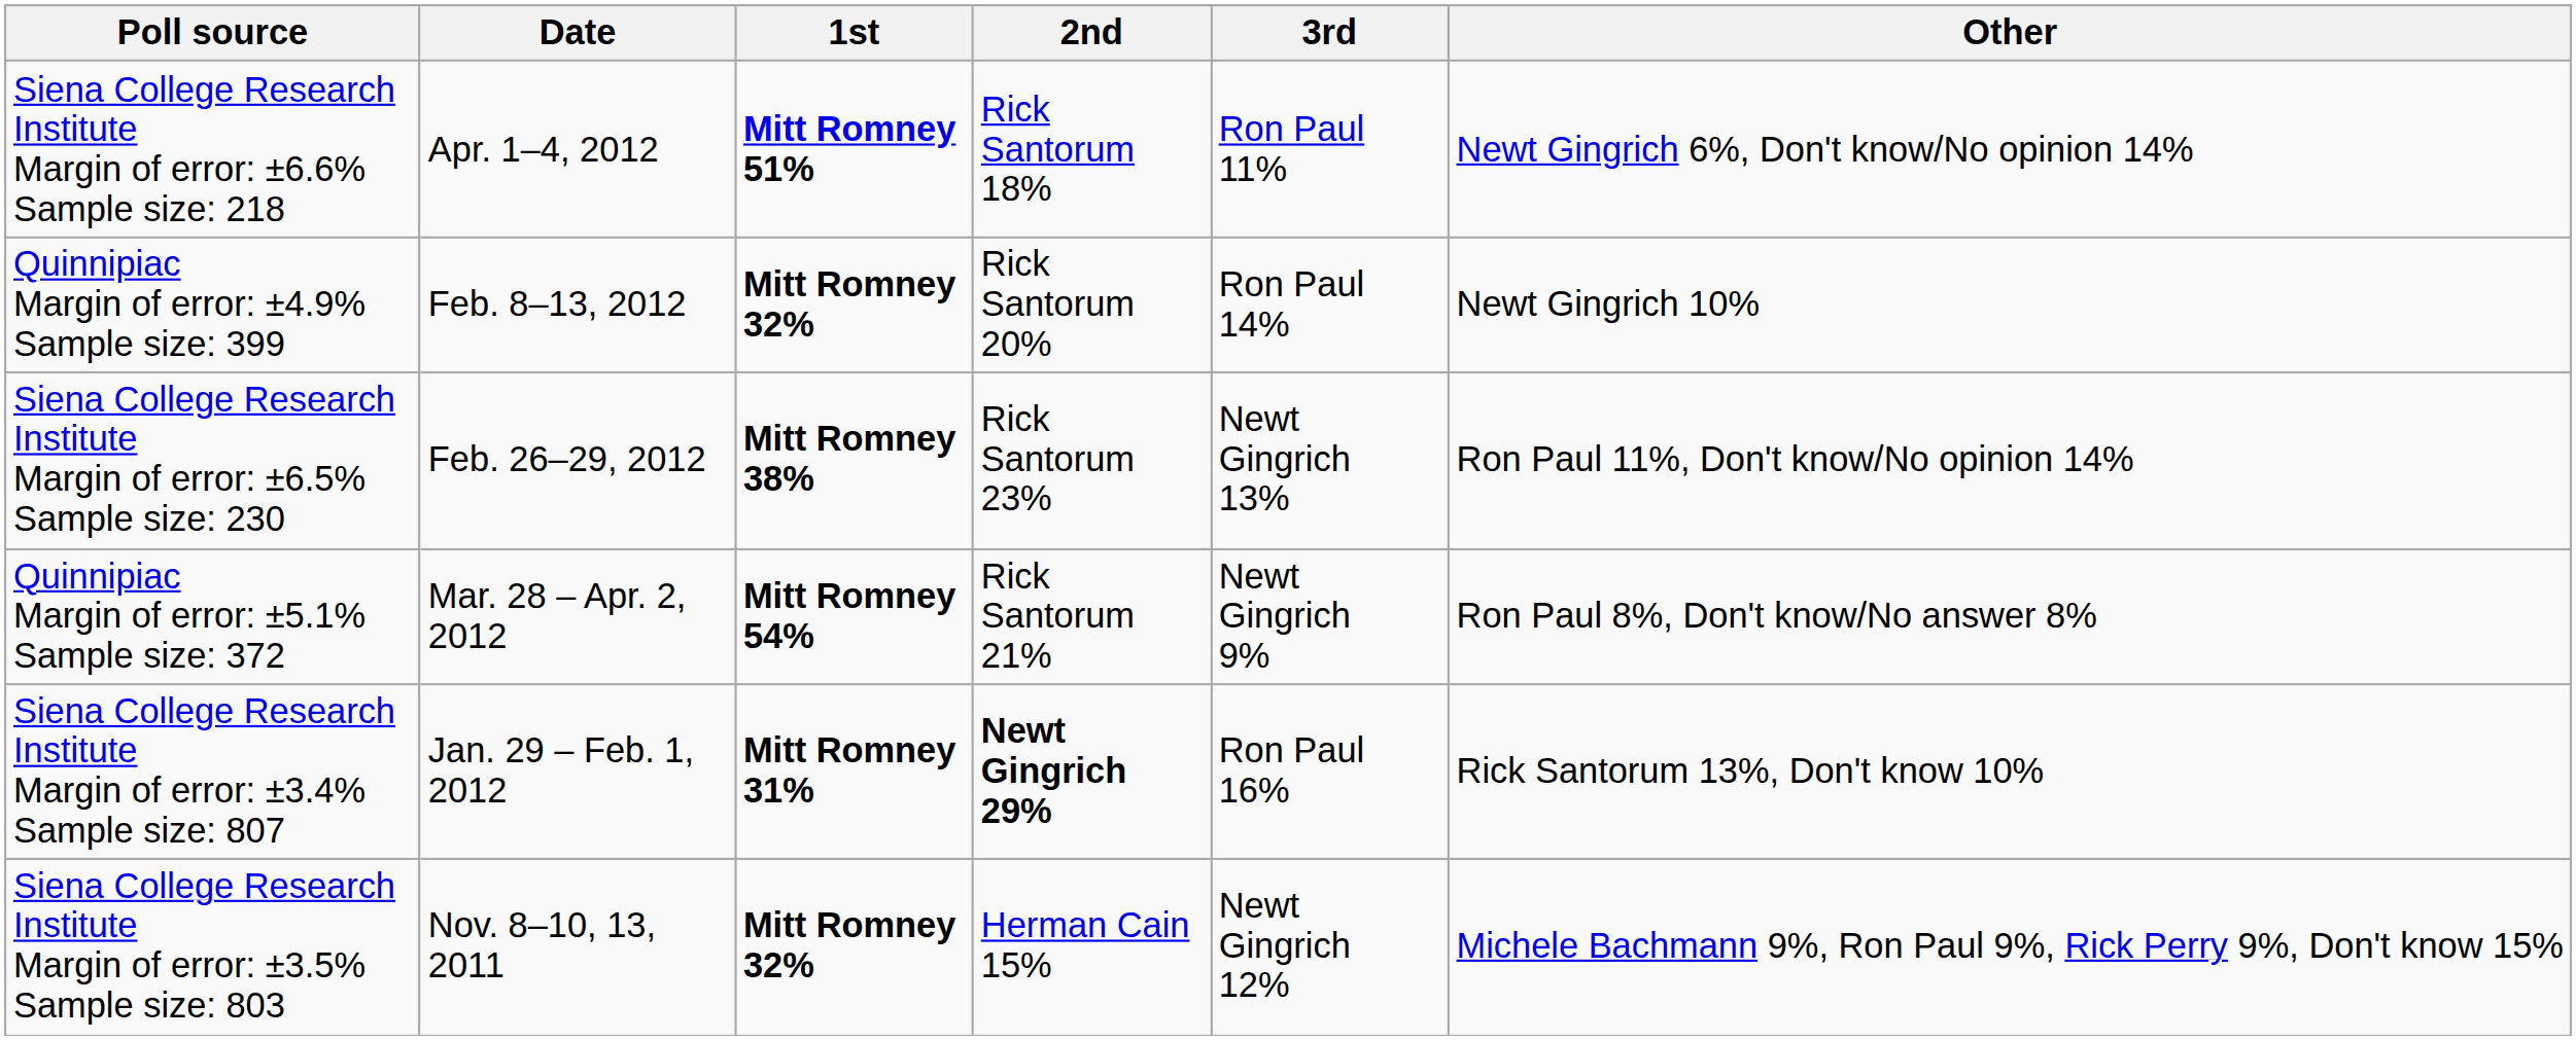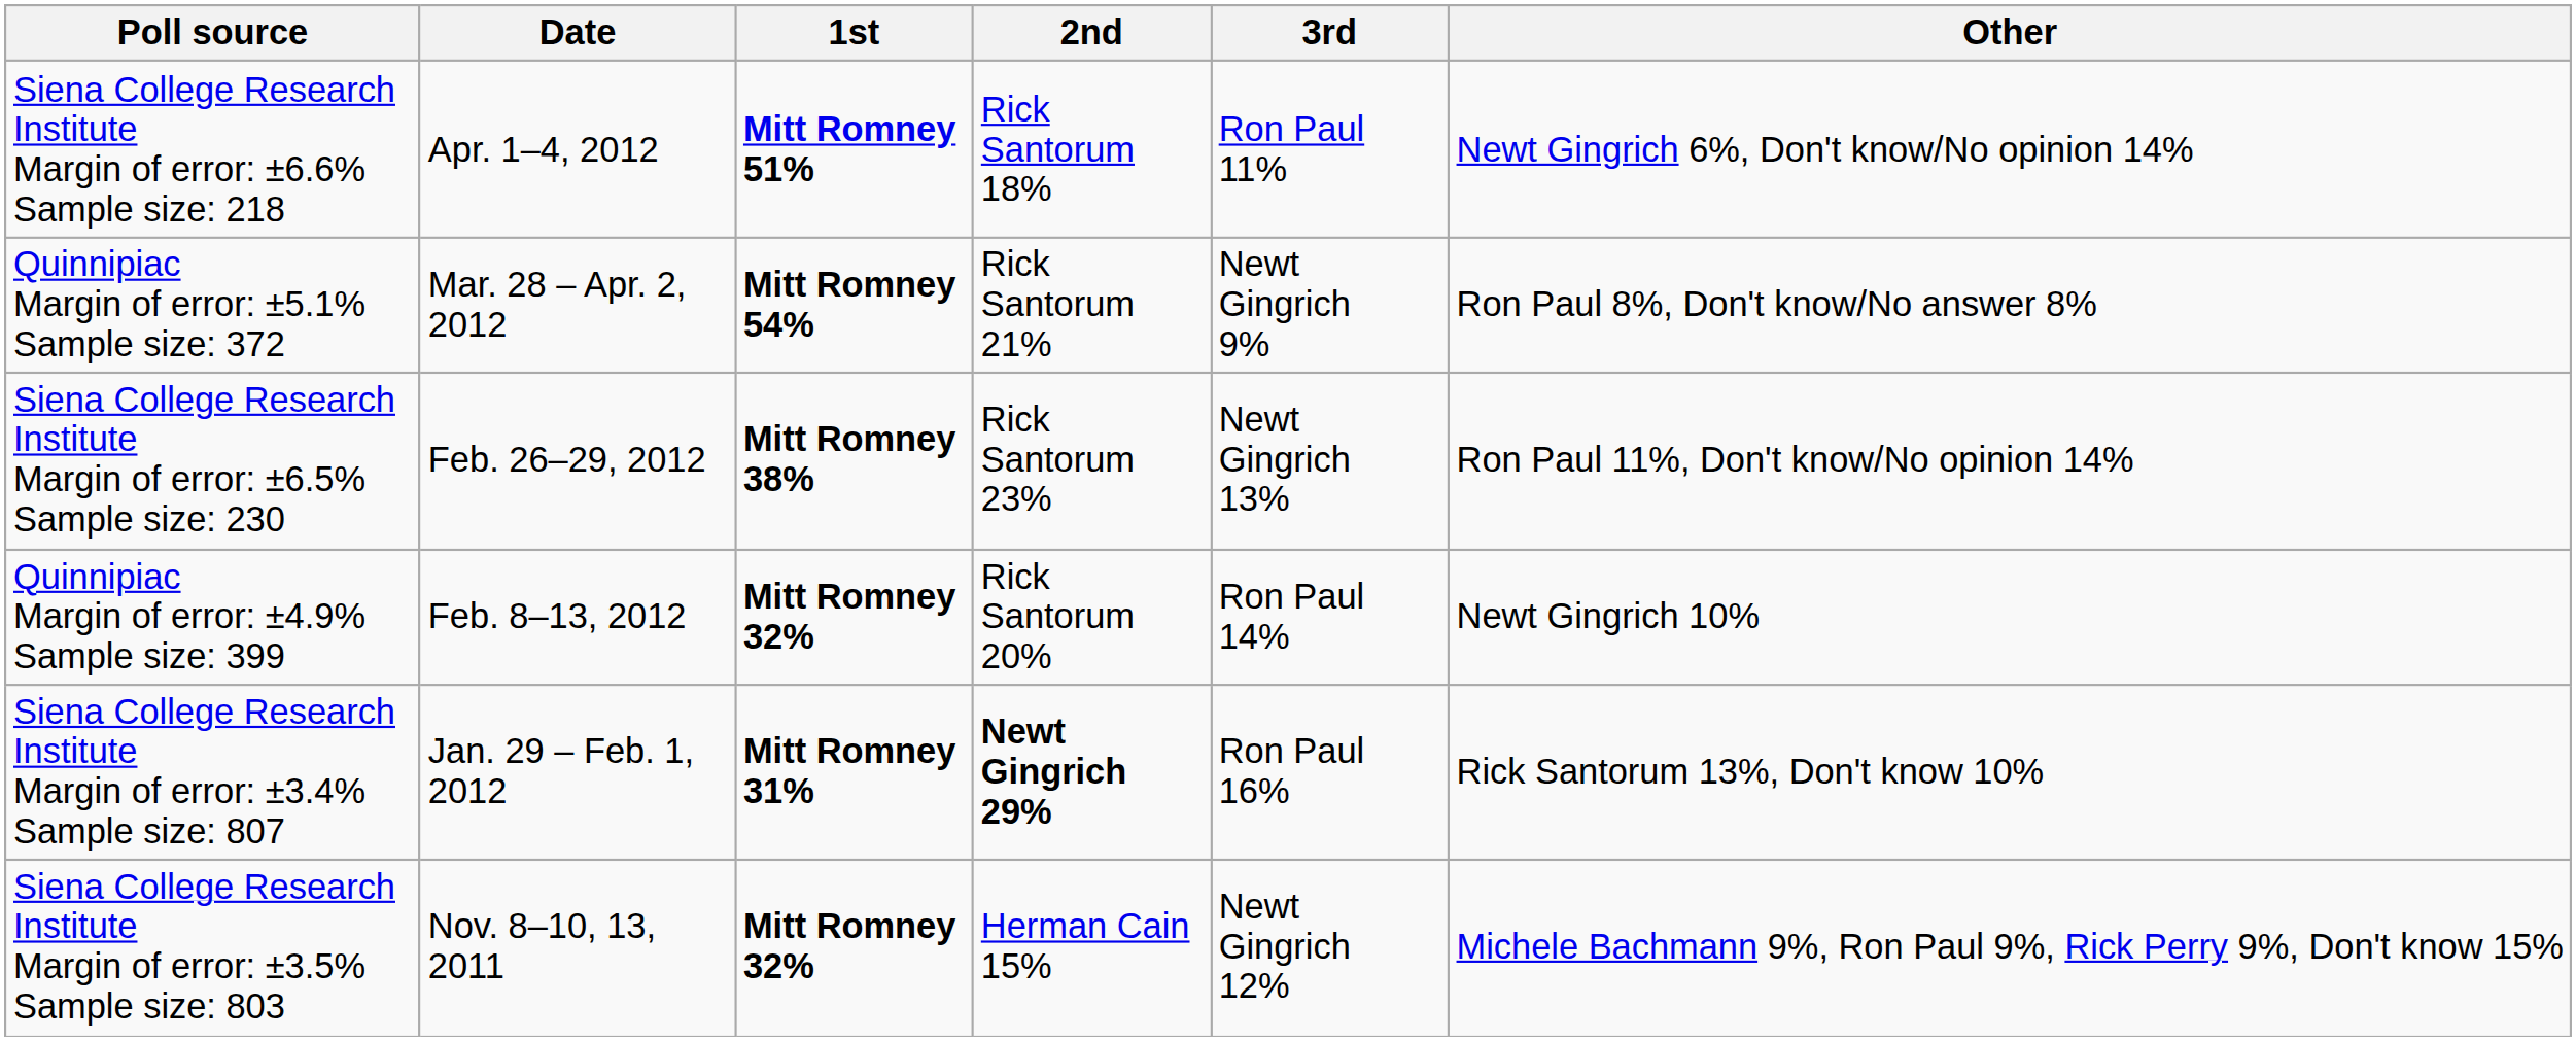 <table class="wikitable">
 <tr>
 <th style="width:180px;">Poll source</th>
 <th style="width:135px;">Date</th>
 <th style="width:100px;">1st</th>
 <th style="width:100px;">2nd</th>
 <th style="width:100px;">3rd</th>
 <th>Other</th>
 </tr>
 <tr>
 <td><a href='#'>Siena College Research Institute</a><br>Margin of error: ±6.6% <br>Sample size: 218</td>
 <td>Apr. 1–4, 2012</td>
 <td><strong><a href='#'>Mitt Romney</a><br>51%</strong></td>
 <td><a href='#'>Rick Santorum</a><br>18%</td>
 <td><a href='#'>Ron Paul</a><br>11%</td>
 <td><a href='#'>Newt Gingrich</a> 6%, Don't know/No opinion 14%</td>
 </tr>
 <tr>
-<td><a href='#'>Quinnipiac</a><br>Margin of error: ±4.9% <br>Sample size: 399</td>
-<td>Feb. 8–13, 2012</td>
-<td><strong>Mitt Romney<br>32%</strong></td>
-<td>Rick Santorum<br>20%</td>
-<td>Ron Paul<br>14%</td>
-<td>Newt Gingrich 10%</td>
+<td><a href='#'>Quinnipiac</a><br>Margin of error: ±5.1% <br>Sample size: 372</td>
+<td>Mar. 28 – Apr. 2, 2012</td>
+<td><strong>Mitt Romney<br>54%</strong></td>
+<td>Rick Santorum<br>21%</td>
+<td>Newt Gingrich<br>9%</td>
+<td>Ron Paul 8%, Don't know/No answer 8%</td>
 </tr>
 <tr>
 <td><a href='#'>Siena College Research Institute</a><br>Margin of error: ±6.5% <br>Sample size: 230</td>
 <td>Feb. 26–29, 2012</td>
 <td><strong>Mitt Romney<br>38%</strong></td>
 <td>Rick Santorum<br>23%</td>
 <td>Newt Gingrich<br>13%</td>
 <td>Ron Paul 11%, Don't know/No opinion 14%</td>
 </tr>
 <tr>
-<td><a href='#'>Quinnipiac</a><br>Margin of error: ±5.1% <br>Sample size: 372</td>
-<td>Mar. 28 – Apr. 2, 2012</td>
-<td><strong>Mitt Romney<br>54%</strong></td>
-<td>Rick Santorum<br>21%</td>
-<td>Newt Gingrich<br>9%</td>
-<td>Ron Paul 8%, Don't know/No answer 8%</td>
+<td><a href='#'>Quinnipiac</a><br>Margin of error: ±4.9% <br>Sample size: 399</td>
+<td>Feb. 8–13, 2012</td>
+<td><strong>Mitt Romney<br>32%</strong></td>
+<td>Rick Santorum<br>20%</td>
+<td>Ron Paul<br>14%</td>
+<td>Newt Gingrich 10%</td>
 </tr>
 <tr>
 <td><a href='#'>Siena College Research Institute</a><br>Margin of error: ±3.4% <br>Sample size: 807</td>
 <td>Jan. 29 – Feb. 1, 2012</td>
 <td><strong>Mitt Romney<br>31%</strong></td>
 <td><strong>Newt Gingrich<br>29%</strong></td>
 <td>Ron Paul<br>16%</td>
 <td>Rick Santorum 13%, Don't know 10%</td>
 </tr>
 <tr>
 <td><a href='#'>Siena College Research Institute</a><br>Margin of error: ±3.5% <br>Sample size: 803</td>
 <td>Nov. 8–10, 13, 2011</td>
 <td><strong>Mitt Romney<br>32%</strong></td>
 <td><a href='#'>Herman Cain</a><br>15%</td>
 <td>Newt Gingrich<br>12%</td>
 <td><a href='#'>Michele Bachmann</a> 9%, Ron Paul 9%, <a href='#'>Rick Perry</a> 9%, Don't know 15%</td>
 </tr>
 </table>
